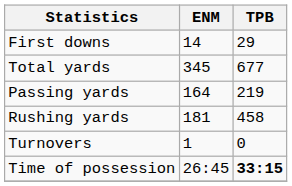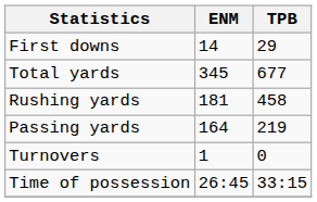 <table class="wikitable" style="float: left;">
 <tr>
 <th>Statistics</th>
 <th>ENM</th>
 <th>TPB</th>
 </tr>
 <tr>
 <td>First downs</td>
 <td>14</td>
 <td>29</td>
 </tr>
 <tr>
 <td>Total yards</td>
 <td>345</td>
 <td>677</td>
 </tr>
 <tr>
+<td>Rushing yards</td>
+<td>181</td>
+<td>458</td>
+</tr>
+<tr>
 <td>Passing yards</td>
 <td>164</td>
 <td>219</td>
-</tr>
-<tr>
-<td>Rushing yards</td>
-<td>181</td>
-<td>458</td>
 </tr>
 <tr>
 <td>Turnovers</td>
 <td>1</td>
 <td>0</td>
 </tr>
 <tr>
 <td>Time of possession</td>
 <td>26:45</td>
-<td><strong>33:15</strong></td>
+<td>33:15</td>
 </tr>
 <tr>
 </tr>
 </table>
